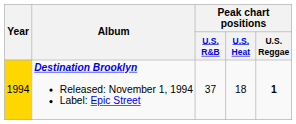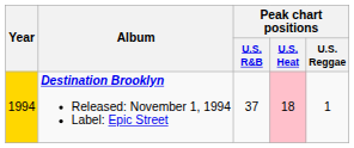 <table class="wikitable">
 <tr>
 <th rowspan="2">Year</th>
 <th rowspan="2">Album</th>
 <th colspan="3">Peak chart positions</th>
 </tr>
 <tr>
 <th width=40><small><a href='#'>U.S. R&B</a></small></th>
 <th width=40><small><a href='#'>U.S. Heat</a></small></th>
 <th width=40><small>U.S. Reggae</small></th>
 </tr>
 <tr>
 <td style="background: gold;">1994</td>
 <td><strong><em><a href='#'>Destination Brooklyn</a></em></strong><br><ul><li>Released: November 1, 1994</li><li>Label: <a href='#'>Epic Street</a></li></ul></td>
 <td align="center">37</td>
-<td align="center">18</td>
-<td align="center"><strong>1</strong></td>
+<td align="center" style="background: pink;">18</td>
+<td align="center">1</td>
 </tr>
 </table>
